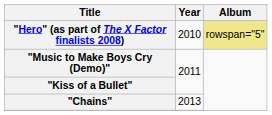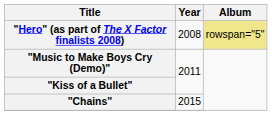 <table class="wikitable plainrowheaders" style="text-align:center;">
 <tr>
 <th scope="col" style="width:16em;">Title</th>
 <th scope="col">Year</th>
 <th scope="col">Album</th>
 </tr>
 <tr>
 <th scope="row">"<a href='#'>Hero</a>" <span>(as part of <a href='#'><em>The X Factor</em> finalists 2008</a>)</span></th>
-<td>2010</td>
+<td>2008</td>
 <td style="background: khaki;">rowspan="5" </td>
 </tr>
 <tr>
 <th scope="row">"Music to Make Boys Cry (Demo)"</th>
 <td rowspan="2">2011</td>
 </tr>
 <tr>
 <th scope="row">"Kiss of a Bullet"</th>
 </tr>
 <tr>
 <th scope="row">"Chains"</th>
-<td>2013</td>
+<td>2015</td>
 </tr>
 <tr>
 </tr>
 </table>
